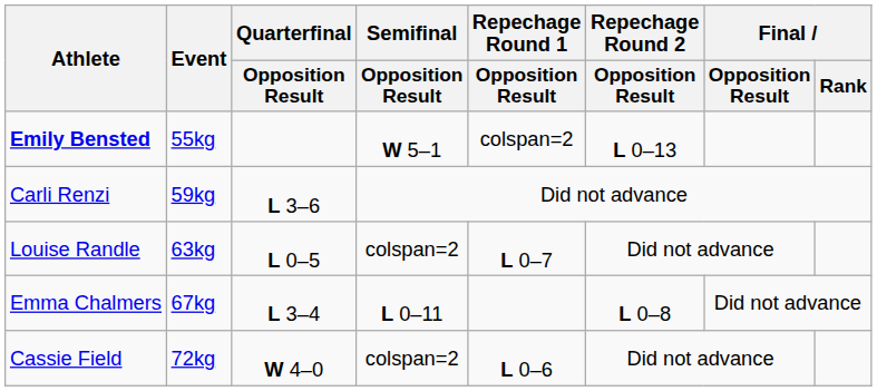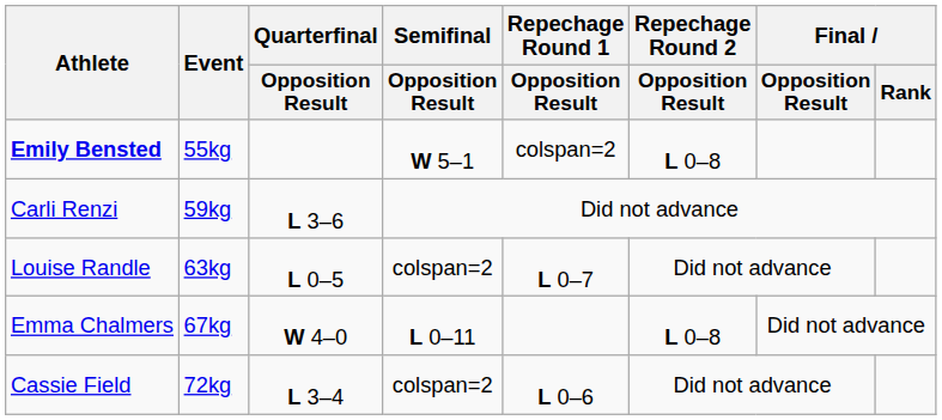 <table class="wikitable" style="font-size:90%">
 <tr>
 <th rowspan="2">Athlete</th>
 <th rowspan="2">Event</th>
 <th>Quarterfinal</th>
 <th>Semifinal</th>
 <th>Repechage<br>Round 1</th>
 <th>Repechage<br>Round 2</th>
 <th colspan=2>Final / </th>
 </tr>
 <tr style="font-size: 95%">
 <th>Opposition<br>Result</th>
 <th>Opposition<br>Result</th>
 <th>Opposition<br>Result</th>
 <th>Opposition<br>Result</th>
 <th>Opposition<br>Result</th>
 <th>Rank</th>
 </tr>
 <tr align=center>
 <td align=left><strong><a href='#'>Emily Bensted</a></strong></td>
 <td align=left><a href='#'>55kg</a></td>
 <td></td>
 <td><br><strong>W</strong> 5–1</td>
 <td>colspan=2 </td>
-<td><br><strong>L</strong> 0–13</td>
+<td><br><strong>L</strong> 0–8</td>
 <td></td>
 </tr>
 <tr align=center>
 <td align=left><a href='#'>Carli Renzi</a></td>
 <td align=left><a href='#'>59kg</a></td>
 <td><br><strong>L</strong> 3–6</td>
 <td colspan=5>Did not advance</td>
 </tr>
 <tr align=center>
 <td align=left><a href='#'>Louise Randle</a></td>
 <td align=left><a href='#'>63kg</a></td>
 <td><br><strong>L</strong> 0–5</td>
 <td>colspan=2 </td>
 <td><br><strong>L</strong> 0–7</td>
 <td colspan=2>Did not advance</td>
 </tr>
 <tr align=center>
 <td align=left><a href='#'>Emma Chalmers</a></td>
 <td align=left><a href='#'>67kg</a></td>
-<td><br><strong>L</strong> 3–4</td>
+<td><br><strong>W</strong> 4–0</td>
 <td><br><strong>L</strong> 0–11</td>
 <td></td>
 <td><br><strong>L</strong> 0–8</td>
 <td colspan=2>Did not advance</td>
 </tr>
 <tr align=center>
 <td align=left><a href='#'>Cassie Field</a></td>
 <td align=left><a href='#'>72kg</a></td>
-<td><br><strong>W</strong> 4–0</td>
+<td><br><strong>L</strong> 3–4</td>
 <td>colspan=2 </td>
 <td><br><strong>L</strong> 0–6</td>
 <td colspan=2>Did not advance</td>
 </tr>
 </table>
